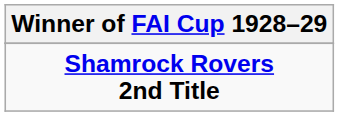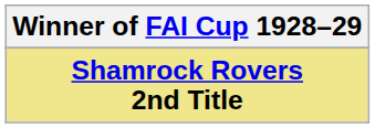 <table class="wikitable" style="text-align: center; margin: 0 auto;">
 <tr>
 <th>Winner of <a href='#'>FAI Cup</a> 1928–29</th>
 </tr>
 <tr>
 </tr>
 <tr>
-<td><strong><a href='#'>Shamrock Rovers</a></strong><br><strong>2nd Title</strong></td>
+<td style="background: khaki;"><strong><a href='#'>Shamrock Rovers</a></strong><br><strong>2nd Title</strong></td>
 </tr>
 </table>
